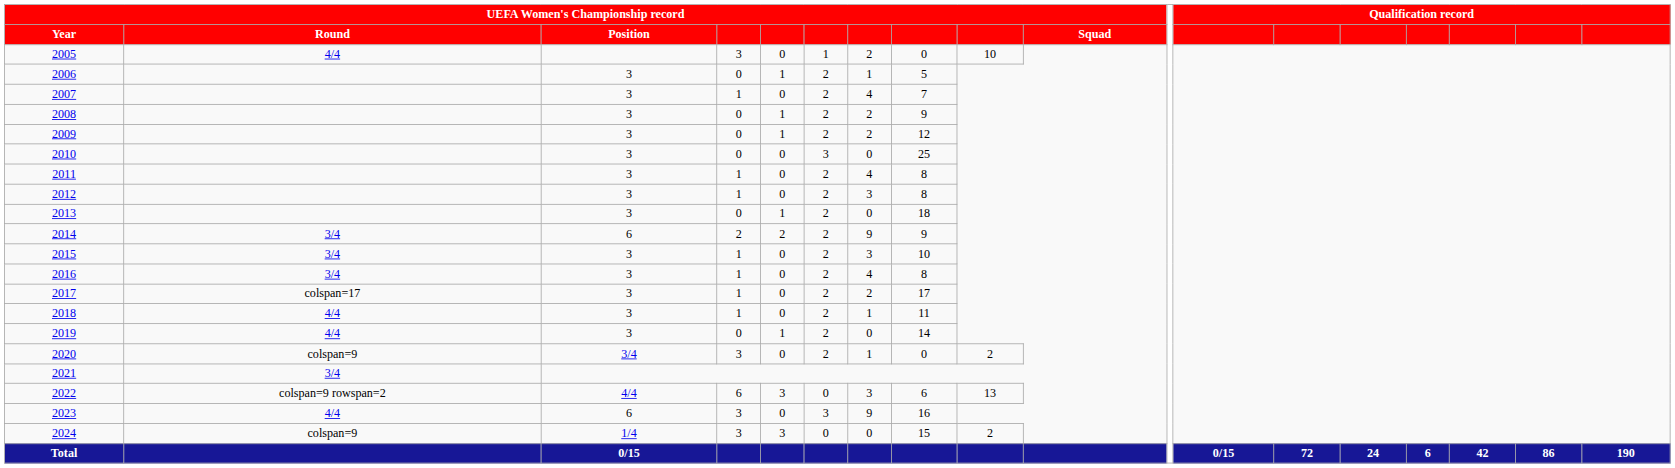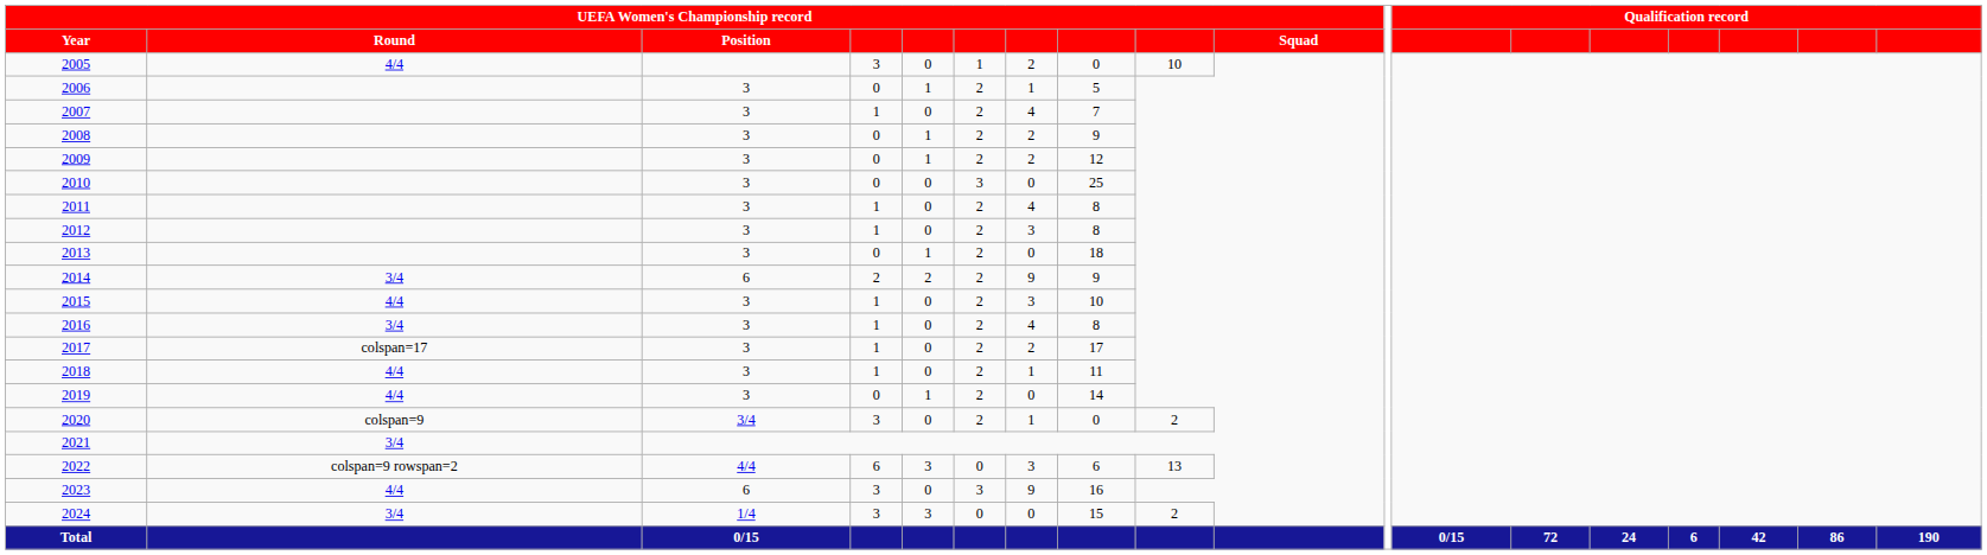 <table class="wikitable" style="font-size:90%; text-align:center;" width="100%" class="wikitable">
 <tr>
 <th colspan=10 style="background:#ff0000; color:white; ">UEFA Women's Championship record</th>
 <th width="1" rowspan=28 style="background:#FFFFFF; color:white"></th>
 <th colspan=7 style="background:#ff0000; color:white; ">Qualification record</th>
 </tr>
 <tr>
 <th style="background:#ff0000; color:white; ">Year</th>
 <th style="background:#ff0000; color:white; ">Round</th>
 <th style="background:#ff0000; color:white; ">Position</th>
 <th style="background:#ff0000; color:white; "></th>
 <th style="background:#ff0000; color:white; "></th>
 <th style="background:#ff0000; color:white; "></th>
 <th style="background:#ff0000; color:white; "></th>
 <th style="background:#ff0000; color:white; "></th>
 <th style="background:#ff0000; color:white; "></th>
 <th style="background:#ff0000; color:white; ">Squad</th>
 <th style="background:#ff0000; color:white; "></th>
 <th style="background:#ff0000; color:white; "></th>
 <th style="background:#ff0000; color:white; "></th>
 <th style="background:#ff0000; color:white; "></th>
 <th style="background:#ff0000; color:white; "></th>
 <th style="background:#ff0000; color:white; "></th>
 <th style="background:#ff0000; color:white; "></th>
 </tr>
 <tr>
 <td> <a href='#'>2005</a></td>
 <td><a href='#'>4/4</a></td>
 <td></td>
 <td>3</td>
 <td>0</td>
 <td>1</td>
 <td>2</td>
 <td>0</td>
 <td>10</td>
 </tr>
 <tr>
 <td> <a href='#'>2006</a></td>
 <td></td>
 <td>3</td>
 <td>0</td>
 <td>1</td>
 <td>2</td>
 <td>1</td>
 <td>5</td>
 </tr>
 <tr>
 <td> <a href='#'>2007</a></td>
 <td></td>
 <td>3</td>
 <td>1</td>
 <td>0</td>
 <td>2</td>
 <td>4</td>
 <td>7</td>
 </tr>
 <tr>
 <td> <a href='#'>2008</a></td>
 <td></td>
 <td>3</td>
 <td>0</td>
 <td>1</td>
 <td>2</td>
 <td>2</td>
 <td>9</td>
 </tr>
 <tr>
 <td> <a href='#'>2009</a></td>
 <td></td>
 <td>3</td>
 <td>0</td>
 <td>1</td>
 <td>2</td>
 <td>2</td>
 <td>12</td>
 </tr>
 <tr>
 <td> <a href='#'>2010</a></td>
 <td></td>
 <td>3</td>
 <td>0</td>
 <td>0</td>
 <td>3</td>
 <td>0</td>
 <td>25</td>
 </tr>
 <tr>
 <td> <a href='#'>2011</a></td>
 <td></td>
 <td>3</td>
 <td>1</td>
 <td>0</td>
 <td>2</td>
 <td>4</td>
 <td>8</td>
 </tr>
 <tr>
 <td> <a href='#'>2012</a></td>
 <td></td>
 <td>3</td>
 <td>1</td>
 <td>0</td>
 <td>2</td>
 <td>3</td>
 <td>8</td>
 </tr>
 <tr>
 <td> <a href='#'>2013</a></td>
 <td></td>
 <td>3</td>
 <td>0</td>
 <td>1</td>
 <td>2</td>
 <td>0</td>
 <td>18</td>
 </tr>
 <tr>
 <td> <a href='#'>2014</a></td>
 <td><a href='#'>3/4</a></td>
 <td>6</td>
 <td>2</td>
 <td>2</td>
 <td>2</td>
 <td>9</td>
 <td>9</td>
 </tr>
 <tr>
 <td> <a href='#'>2015</a></td>
-<td><a href='#'>3/4</a></td>
+<td><a href='#'>4/4</a></td>
 <td>3</td>
 <td>1</td>
 <td>0</td>
 <td>2</td>
 <td>3</td>
 <td>10</td>
 </tr>
 <tr>
 <td> <a href='#'>2016</a></td>
 <td><a href='#'>3/4</a></td>
 <td>3</td>
 <td>1</td>
 <td>0</td>
 <td>2</td>
 <td>4</td>
 <td>8</td>
 </tr>
 <tr>
 <td> <a href='#'>2017</a></td>
 <td>colspan=17 </td>
 <td>3</td>
 <td>1</td>
 <td>0</td>
 <td>2</td>
 <td>2</td>
 <td>17</td>
 </tr>
 <tr>
 <td> <a href='#'>2018</a></td>
 <td><a href='#'>4/4</a></td>
 <td>3</td>
 <td>1</td>
 <td>0</td>
 <td>2</td>
 <td>1</td>
 <td>11</td>
 </tr>
 <tr>
 <td> <a href='#'>2019</a></td>
 <td><a href='#'>4/4</a></td>
 <td>3</td>
 <td>0</td>
 <td>1</td>
 <td>2</td>
 <td>0</td>
 <td>14</td>
 </tr>
 <tr>
 <td> <a href='#'>2020</a></td>
 <td>colspan=9 </td>
 <td><a href='#'>3/4</a></td>
 <td>3</td>
 <td>0</td>
 <td>2</td>
 <td>1</td>
 <td>0</td>
 <td>2</td>
 </tr>
 <tr>
 <td> <a href='#'>2021</a></td>
 <td><a href='#'>3/4</a></td>
 </tr>
 <tr>
 <td> <a href='#'>2022</a></td>
 <td>colspan=9 rowspan=2 </td>
 <td><a href='#'>4/4</a></td>
 <td>6</td>
 <td>3</td>
 <td>0</td>
 <td>3</td>
 <td>6</td>
 <td>13</td>
 </tr>
 <tr>
 <td> <a href='#'>2023</a></td>
 <td><a href='#'>4/4</a></td>
 <td>6</td>
 <td>3</td>
 <td>0</td>
 <td>3</td>
 <td>9</td>
 <td>16</td>
 </tr>
 <tr>
 <td> <a href='#'>2024</a></td>
-<td>colspan=9 </td>
+<td><a href='#'>3/4</a></td>
 <td><a href='#'>1/4</a></td>
 <td>3</td>
 <td>3</td>
 <td>0</td>
 <td>0</td>
 <td>15</td>
 <td>2</td>
 </tr>
 <tr>
 <th style="background:#171796; color:white; ">Total</th>
 <th style="background:#171796; color:white; "></th>
 <th style="background:#171796; color:white; ">0/15</th>
 <th style="background:#171796; color:white; "></th>
 <th style="background:#171796; color:white; "></th>
 <th style="background:#171796; color:white; "></th>
 <th style="background:#171796; color:white; "></th>
 <th style="background:#171796; color:white; "></th>
 <th style="background:#171796; color:white; "></th>
 <th style="background:#171796; color:white; "></th>
 <th style="background:#171796; color:white; ">0/15</th>
 <th style="background:#171796; color:white; ">72</th>
 <th style="background:#171796; color:white; ">24</th>
 <th style="background:#171796; color:white; ">6</th>
 <th style="background:#171796; color:white; ">42</th>
 <th style="background:#171796; color:white; ">86</th>
 <th style="background:#171796; color:white; ">190</th>
 </tr>
 </table>
